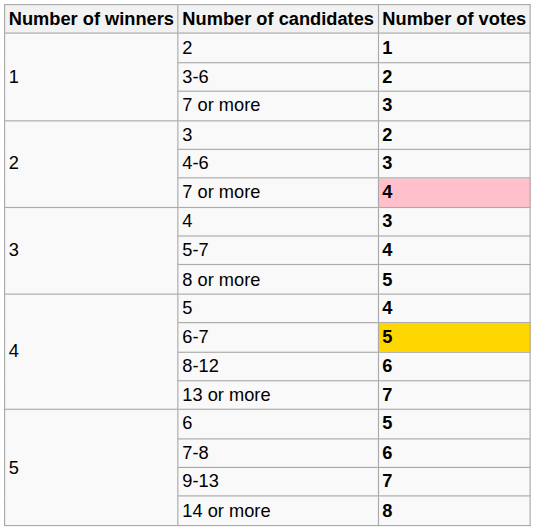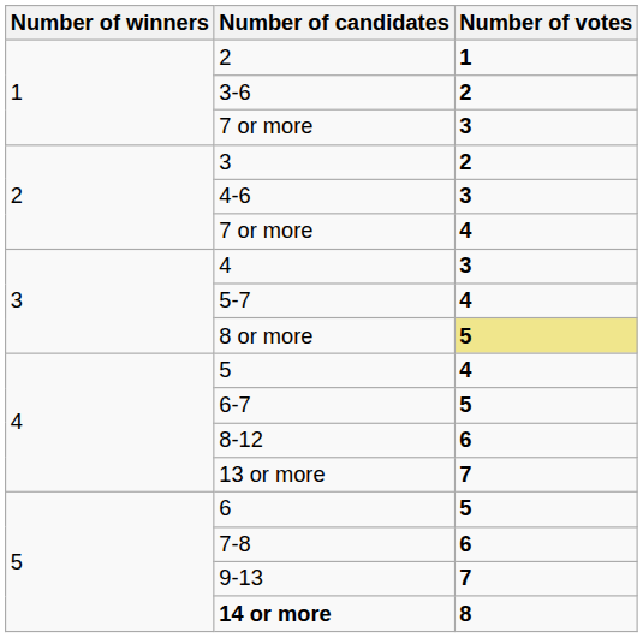 <table class="wikitable">
 <tr>
 <th>Number of winners</th>
 <th>Number of candidates</th>
 <th>Number of votes</th>
 </tr>
 <tr>
 <td rowspan="3">1</td>
 <td>2</td>
 <td><strong>1</strong></td>
 </tr>
 <tr>
 <td>3-6</td>
 <td><strong>2</strong></td>
 </tr>
 <tr>
 <td>7 or more</td>
 <td><strong>3</strong></td>
 </tr>
 <tr>
 <td rowspan="3">2</td>
 <td>3</td>
 <td><strong>2</strong></td>
 </tr>
 <tr>
 <td>4-6</td>
 <td><strong>3</strong></td>
 </tr>
 <tr>
 <td>7 or more</td>
-<td style="background: pink;"><strong>4</strong></td>
+<td><strong>4</strong></td>
 </tr>
 <tr>
 <td rowspan="3">3</td>
 <td>4</td>
 <td><strong>3</strong></td>
 </tr>
 <tr>
 <td>5-7</td>
 <td><strong>4</strong></td>
 </tr>
 <tr>
 <td>8 or more</td>
-<td><strong>5</strong></td>
+<td style="background: khaki;"><strong>5</strong></td>
 </tr>
 <tr>
 <td rowspan="4">4</td>
 <td>5</td>
 <td><strong>4</strong></td>
 </tr>
 <tr>
 <td>6-7</td>
-<td style="background: gold;"><strong>5</strong></td>
+<td><strong>5</strong></td>
 </tr>
 <tr>
 <td>8-12</td>
 <td><strong>6</strong></td>
 </tr>
 <tr>
 <td>13 or more</td>
 <td><strong>7</strong></td>
 </tr>
 <tr>
 <td rowspan="4">5</td>
 <td>6</td>
 <td><strong>5</strong></td>
 </tr>
 <tr>
 <td>7-8</td>
 <td><strong>6</strong></td>
 </tr>
 <tr>
 <td>9-13</td>
 <td><strong>7</strong></td>
 </tr>
 <tr>
-<td>14 or more</td>
+<td><strong>14 or more</strong></td>
 <td><strong>8</strong></td>
 </tr>
 </table>
